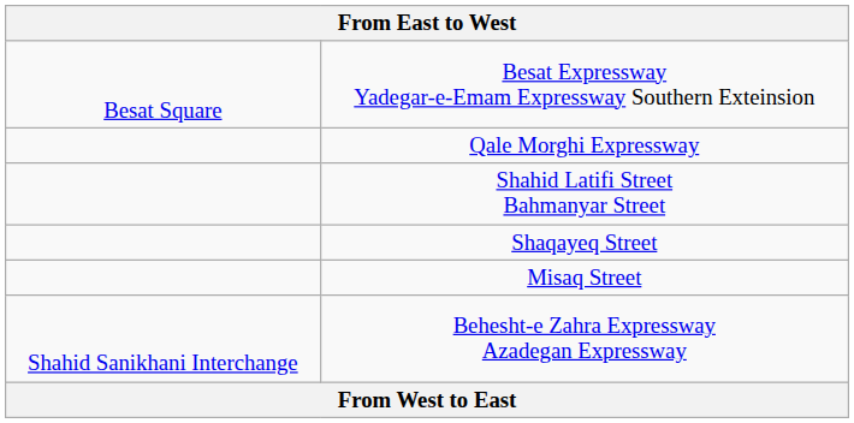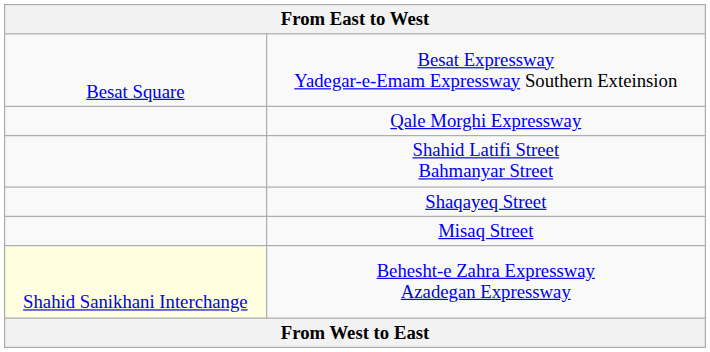 <table class="wikitable" style="text-align:center" width="600px">
 <tr>
 <th text-align="center" colspan="3"> From East to West </th>
 </tr>
 <tr>
 <td><br><br><a href='#'>Besat Square</a></td>
 <td> <a href='#'>Besat Expressway</a><br> <a href='#'>Yadegar-e-Emam Expressway</a> Southern Exteinsion</td>
 </tr>
 <tr>
 <td></td>
 <td><a href='#'>Qale Morghi Expressway</a></td>
 </tr>
 <tr>
 <td></td>
 <td> <a href='#'>Shahid Latifi Street</a><br> <a href='#'>Bahmanyar Street</a></td>
 </tr>
 <tr>
 <td></td>
 <td> <a href='#'>Shaqayeq Street</a></td>
 </tr>
 <tr>
 <td></td>
 <td> <a href='#'>Misaq Street</a></td>
 </tr>
 <tr>
-<td><br><br><a href='#'>Shahid Sanikhani Interchange</a></td>
+<td style="background: lightyellow;"><br><br><a href='#'>Shahid Sanikhani Interchange</a></td>
 <td> <a href='#'>Behesht-e Zahra Expressway</a><br> <a href='#'>Azadegan Expressway</a></td>
 </tr>
 <tr>
 <th text-align="center" colspan="3"> From West to East </th>
 </tr>
 </table>
